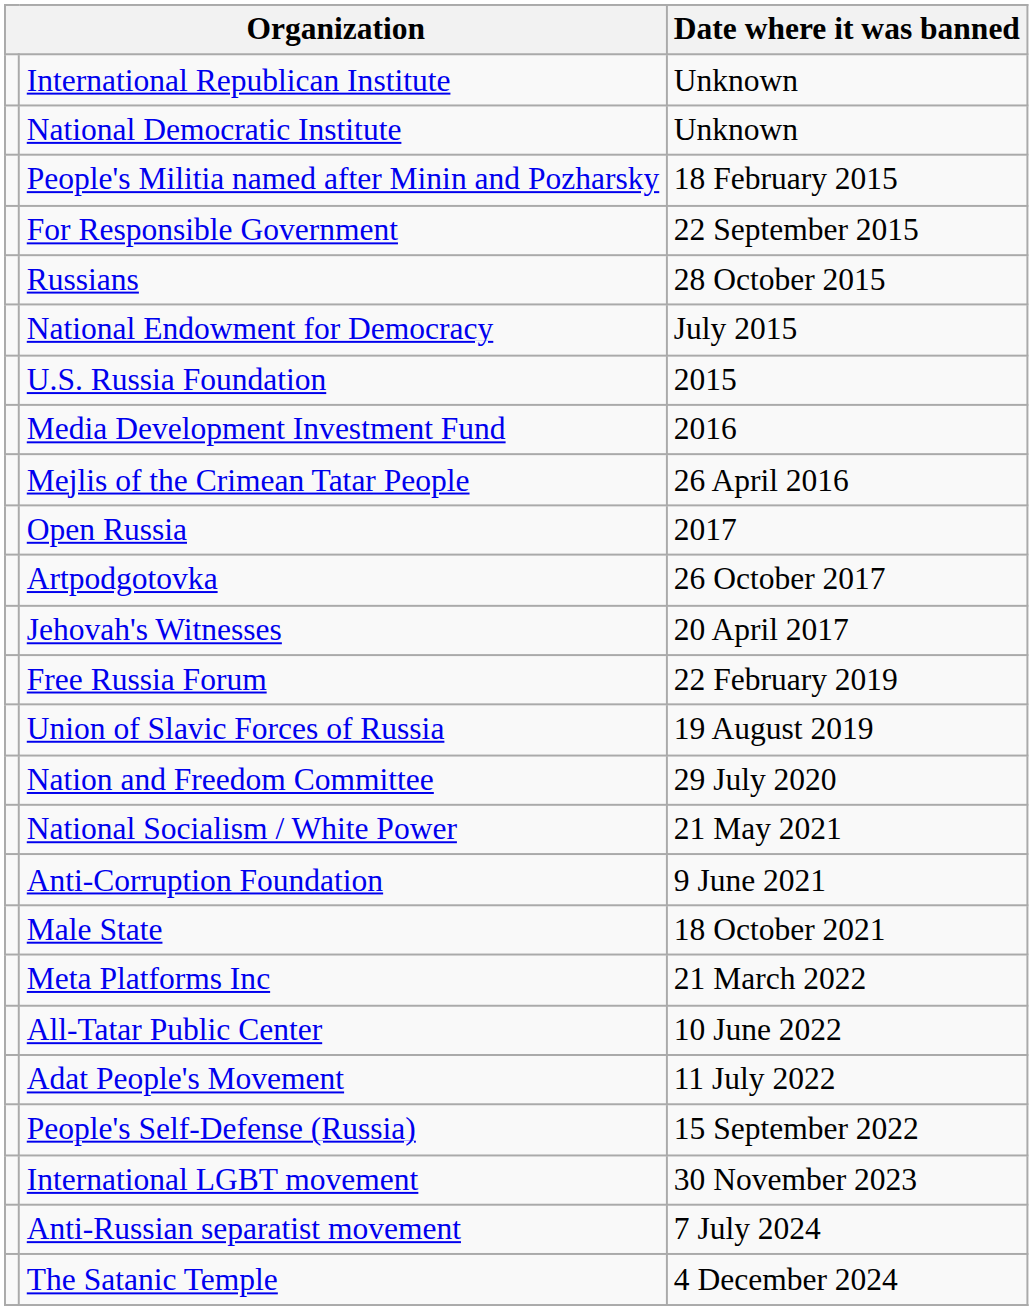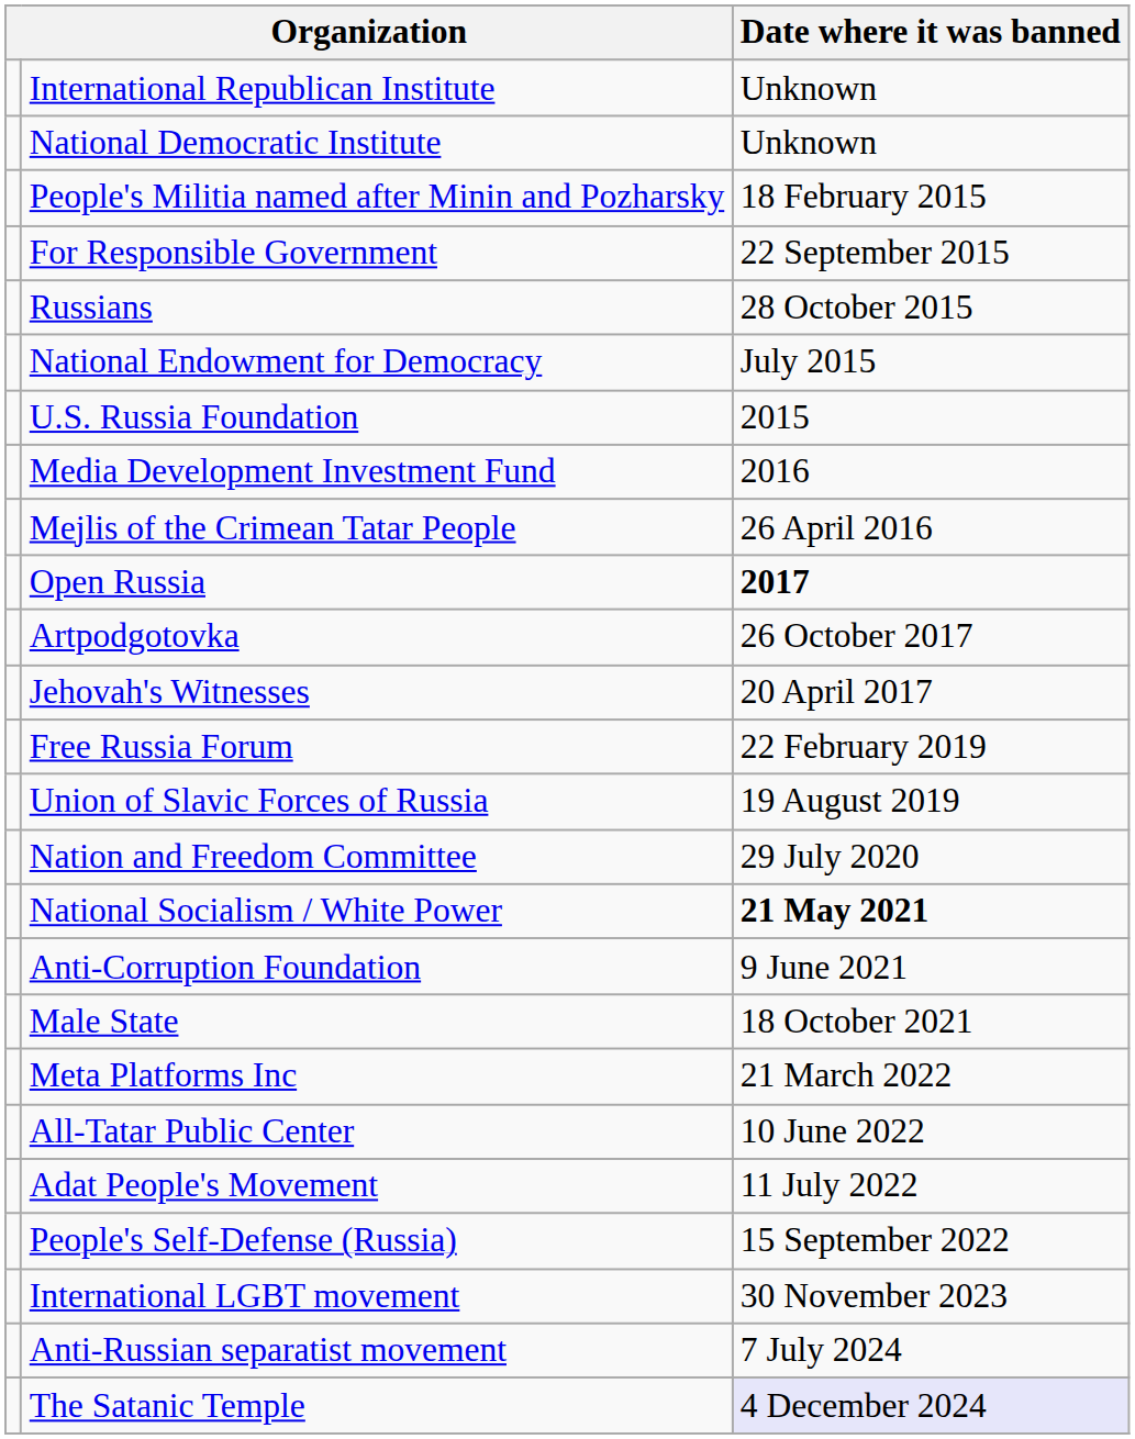 <table class="wikitable">
 <tr>
 <th colspan="2"><strong>Organization</strong></th>
 <th>Date where it was banned</th>
 </tr>
 <tr>
 <td></td>
 <td><a href='#'>International Republican Institute</a></td>
 <td>Unknown</td>
 </tr>
 <tr>
 <td></td>
 <td><a href='#'>National Democratic Institute</a></td>
 <td>Unknown</td>
 </tr>
 <tr>
 <td></td>
 <td><a href='#'>People's Militia named after Minin and Pozharsky</a></td>
 <td>18 February 2015</td>
 </tr>
 <tr>
 <td></td>
 <td><a href='#'>For Responsible Government</a></td>
 <td>22 September 2015</td>
 </tr>
 <tr>
 <td></td>
 <td><a href='#'>Russians</a></td>
 <td>28 October 2015</td>
 </tr>
 <tr>
 <td></td>
 <td><a href='#'>National Endowment for Democracy</a></td>
 <td>July 2015</td>
 </tr>
 <tr>
 <td></td>
 <td><a href='#'>U.S. Russia Foundation</a></td>
 <td>2015</td>
 </tr>
 <tr>
 <td></td>
 <td><a href='#'>Media Development Investment Fund</a></td>
 <td>2016</td>
 </tr>
 <tr>
 <td></td>
 <td><a href='#'>Mejlis of the Crimean Tatar People</a></td>
 <td>26 April 2016</td>
 </tr>
 <tr>
 <td></td>
 <td><a href='#'>Open Russia</a></td>
-<td>2017</td>
+<td><strong>2017</strong></td>
 </tr>
 <tr>
 <td></td>
 <td><a href='#'>Artpodgotovka</a></td>
 <td>26 October 2017</td>
 </tr>
 <tr>
 <td></td>
 <td><a href='#'>Jehovah's Witnesses</a></td>
 <td>20 April 2017</td>
 </tr>
 <tr>
 <td></td>
 <td><a href='#'>Free Russia Forum</a></td>
 <td>22 February 2019</td>
 </tr>
 <tr>
 <td></td>
 <td><a href='#'>Union of Slavic Forces of Russia</a></td>
 <td>19 August 2019</td>
 </tr>
 <tr>
 <td></td>
 <td><a href='#'>Nation and Freedom Committee</a></td>
 <td>29 July 2020</td>
 </tr>
 <tr>
 <td></td>
 <td><a href='#'>National Socialism / White Power</a></td>
-<td>21 May 2021</td>
+<td><strong>21 May 2021</strong></td>
 </tr>
 <tr>
 <td></td>
 <td><a href='#'>Anti-Corruption Foundation</a></td>
 <td>9 June 2021</td>
 </tr>
 <tr>
 <td></td>
 <td><a href='#'>Male State</a></td>
 <td>18 October 2021</td>
 </tr>
 <tr>
 <td></td>
 <td><a href='#'>Meta Platforms Inc</a></td>
 <td>21 March 2022</td>
 </tr>
 <tr>
 <td></td>
 <td><a href='#'>All-Tatar Public Center</a></td>
 <td>10 June 2022</td>
 </tr>
 <tr>
 <td></td>
 <td><a href='#'>Adat People's Movement</a></td>
 <td>11 July 2022</td>
 </tr>
 <tr>
 <td></td>
 <td><a href='#'>People's Self-Defense (Russia)</a></td>
 <td>15 September 2022</td>
 </tr>
 <tr>
 <td></td>
 <td><a href='#'>International LGBT movement</a></td>
 <td>30 November 2023</td>
 </tr>
 <tr>
 <td></td>
 <td><a href='#'>Anti-Russian separatist movement</a></td>
 <td>7 July 2024</td>
 </tr>
 <tr>
 <td></td>
 <td><a href='#'>The Satanic Temple</a></td>
-<td>4 December 2024</td>
+<td style="background: lavender;">4 December 2024</td>
 </tr>
 <tr>
 </tr>
 </table>
